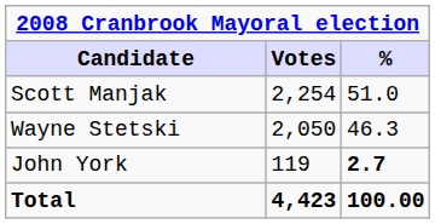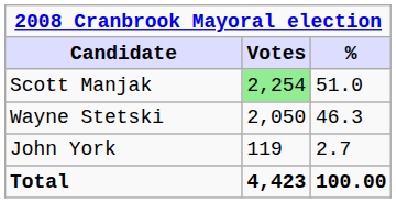 <table class="wikitable sortable">
 <tr>
 <td colspan="3" style="text-align:center;"><strong><a href='#'>2008 Cranbrook Mayoral election</a></strong></td>
 </tr>
 <tr>
 <th style="background:#ddf; width:150px;">Candidate</th>
 <th style="background:#ddf;">Votes</th>
 <th style="background:#ddf;">%</th>
 </tr>
 <tr>
 <td>Scott Manjak</td>
-<td>2,254</td>
+<td style="background: lightgreen;">2,254</td>
 <td>51.0</td>
 </tr>
 <tr>
 <td>Wayne Stetski</td>
 <td>2,050</td>
 <td>46.3</td>
 </tr>
 <tr>
 <td>John York</td>
 <td>119</td>
-<td><strong>2.7</strong></td>
+<td>2.7</td>
 </tr>
 <tr>
 <td><strong>Total</strong></td>
 <td align=right><strong>4,423</strong></td>
 <td align=right><strong>100.00</strong></td>
 </tr>
 </table>
